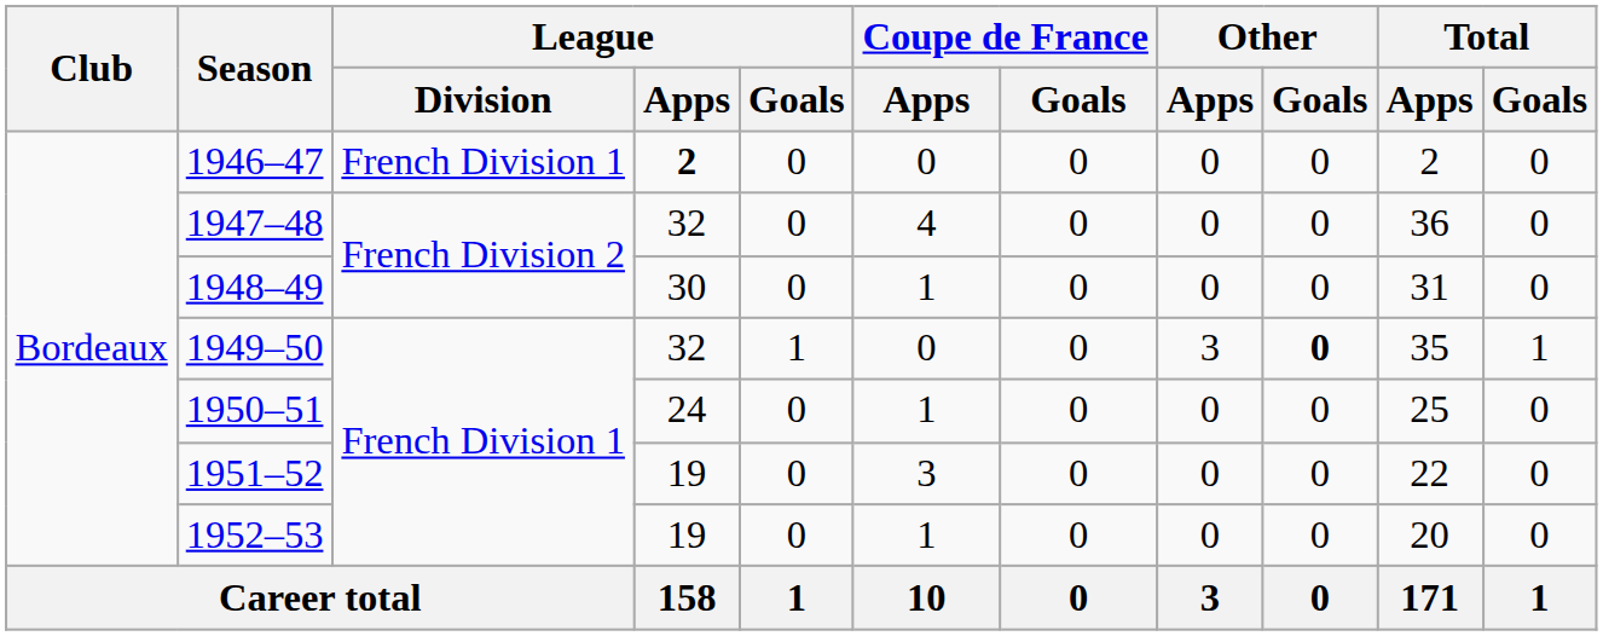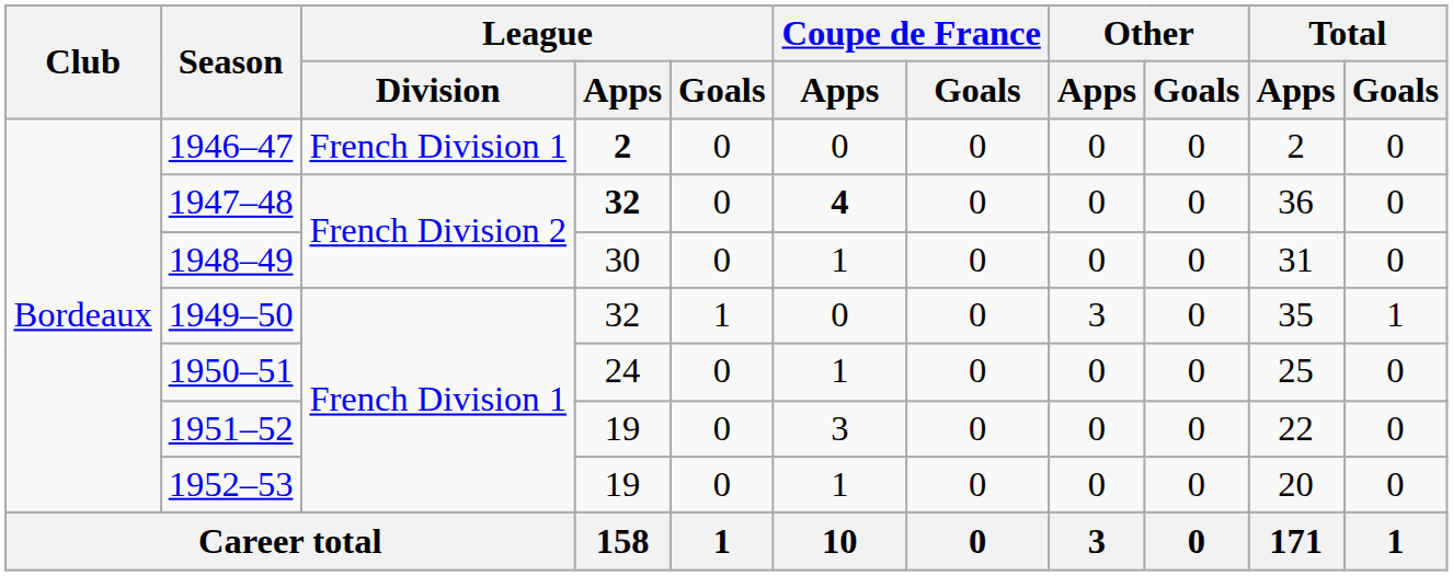 <table class=wikitable style=text-align:center>
 <tr>
 <th rowspan=2>Club</th>
 <th rowspan=2>Season</th>
 <th colspan=3>League</th>
 <th colspan=2><a href='#'>Coupe de France</a></th>
 <th colspan=2>Other</th>
 <th colspan=2>Total</th>
 </tr>
 <tr>
 <th>Division</th>
 <th>Apps</th>
 <th>Goals</th>
 <th>Apps</th>
 <th>Goals</th>
 <th>Apps</th>
 <th>Goals</th>
 <th>Apps</th>
 <th>Goals</th>
 </tr>
 <tr>
 <td rowspan="7"><a href='#'>Bordeaux</a></td>
 <td><a href='#'>1946–47</a></td>
 <td><a href='#'>French Division 1</a></td>
 <td><strong>2</strong></td>
 <td>0</td>
 <td>0</td>
 <td>0</td>
 <td>0</td>
 <td>0</td>
 <td>2</td>
 <td>0</td>
 </tr>
 <tr>
 <td><a href='#'>1947–48</a></td>
 <td rowspan="2"><a href='#'>French Division 2</a></td>
-<td>32</td>
+<td><strong>32</strong></td>
 <td>0</td>
-<td>4</td>
+<td><strong>4</strong></td>
 <td>0</td>
 <td>0</td>
 <td>0</td>
 <td>36</td>
 <td>0</td>
 </tr>
 <tr>
 <td><a href='#'>1948–49</a></td>
 <td>30</td>
 <td>0</td>
 <td>1</td>
 <td>0</td>
 <td>0</td>
 <td>0</td>
 <td>31</td>
 <td>0</td>
 </tr>
 <tr>
 <td><a href='#'>1949–50</a></td>
 <td rowspan="4"><a href='#'>French Division 1</a></td>
 <td>32</td>
 <td>1</td>
 <td>0</td>
 <td>0</td>
 <td>3</td>
-<td><strong>0</strong></td>
+<td>0</td>
 <td>35</td>
 <td>1</td>
 </tr>
 <tr>
 <td><a href='#'>1950–51</a></td>
 <td>24</td>
 <td>0</td>
 <td>1</td>
 <td>0</td>
 <td>0</td>
 <td>0</td>
 <td>25</td>
 <td>0</td>
 </tr>
 <tr>
 <td><a href='#'>1951–52</a></td>
 <td>19</td>
 <td>0</td>
 <td>3</td>
 <td>0</td>
 <td>0</td>
 <td>0</td>
 <td>22</td>
 <td>0</td>
 </tr>
 <tr>
 <td><a href='#'>1952–53</a></td>
 <td>19</td>
 <td>0</td>
 <td>1</td>
 <td>0</td>
 <td>0</td>
 <td>0</td>
 <td>20</td>
 <td>0</td>
 </tr>
 <tr>
 <th colspan=3>Career total</th>
 <th>158</th>
 <th>1</th>
 <th>10</th>
 <th>0</th>
 <th>3</th>
 <th>0</th>
 <th>171</th>
 <th>1</th>
 </tr>
 </table>
